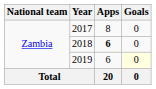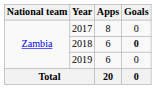 <table class="wikitable" style="text-align:center">
 <tr>
 <th>National team</th>
 <th>Year</th>
 <th>Apps</th>
 <th>Goals</th>
 </tr>
 <tr>
 <td rowspan="3"><a href='#'>Zambia</a></td>
 <td>2017</td>
 <td>8</td>
 <td>0</td>
 </tr>
 <tr>
 <td>2018</td>
-<td><strong>6</strong></td>
-<td>0</td>
+<td>6</td>
+<td><strong>0</strong></td>
 </tr>
 <tr>
 <td>2019</td>
 <td>6</td>
-<td style="background: lightyellow;">0</td>
+<td>0</td>
 </tr>
 <tr>
 <th colspan=2>Total</th>
 <th>20</th>
 <th>0</th>
 </tr>
 </table>
